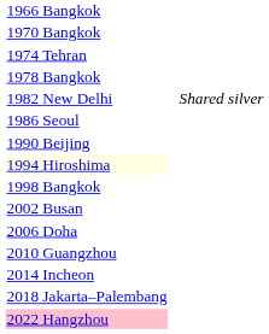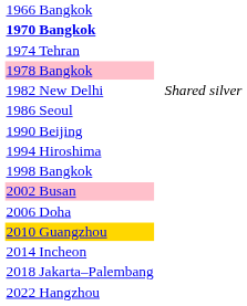 <table>
 <tr>
 <td><a href='#'>1966 Bangkok</a></td>
 <td></td>
 <td></td>
 <td></td>
 </tr>
 <tr>
-<td><a href='#'>1970 Bangkok</a></td>
+<td><strong><a href='#'>1970 Bangkok</a></strong></td>
 <td></td>
 <td></td>
 <td></td>
 </tr>
 <tr>
 <td><a href='#'>1974 Tehran</a></td>
 <td></td>
 <td></td>
 <td></td>
 </tr>
 <tr>
-<td><a href='#'>1978 Bangkok</a></td>
+<td style="background: pink;"><a href='#'>1978 Bangkok</a></td>
 <td></td>
 <td></td>
 <td></td>
 </tr>
 <tr>
 <td rowspan=2><a href='#'>1982 New Delhi</a></td>
 <td rowspan=2></td>
 <td></td>
 <td rowspan=2><em>Shared silver</em></td>
 </tr>
 <tr>
 <td></td>
 </tr>
 <tr>
 <td><a href='#'>1986 Seoul</a></td>
 <td></td>
 <td></td>
 <td></td>
 </tr>
 <tr>
 <td><a href='#'>1990 Beijing</a></td>
 <td></td>
 <td></td>
 <td></td>
 </tr>
 <tr>
-<td style="background: lightyellow;"><a href='#'>1994 Hiroshima</a></td>
+<td><a href='#'>1994 Hiroshima</a></td>
 <td></td>
 <td></td>
 <td></td>
 </tr>
 <tr>
 <td><a href='#'>1998 Bangkok</a></td>
 <td></td>
 <td></td>
 <td></td>
 </tr>
 <tr>
-<td><a href='#'>2002 Busan</a></td>
+<td style="background: pink;"><a href='#'>2002 Busan</a></td>
 <td></td>
 <td></td>
 <td></td>
 </tr>
 <tr>
 <td><a href='#'>2006 Doha</a></td>
 <td></td>
 <td></td>
 <td></td>
 </tr>
 <tr>
-<td><a href='#'>2010 Guangzhou</a></td>
+<td style="background: gold;"><a href='#'>2010 Guangzhou</a></td>
 <td></td>
 <td></td>
 <td></td>
 </tr>
 <tr>
 <td><a href='#'>2014 Incheon</a></td>
 <td></td>
 <td></td>
 <td></td>
 </tr>
 <tr>
 <td><a href='#'>2018 Jakarta–Palembang</a></td>
 <td></td>
 <td></td>
 <td></td>
 </tr>
 <tr>
-<td style="background: pink;"><a href='#'>2022 Hangzhou</a></td>
+<td><a href='#'>2022 Hangzhou</a></td>
 <td></td>
 <td></td>
 <td></td>
 </tr>
 </table>
